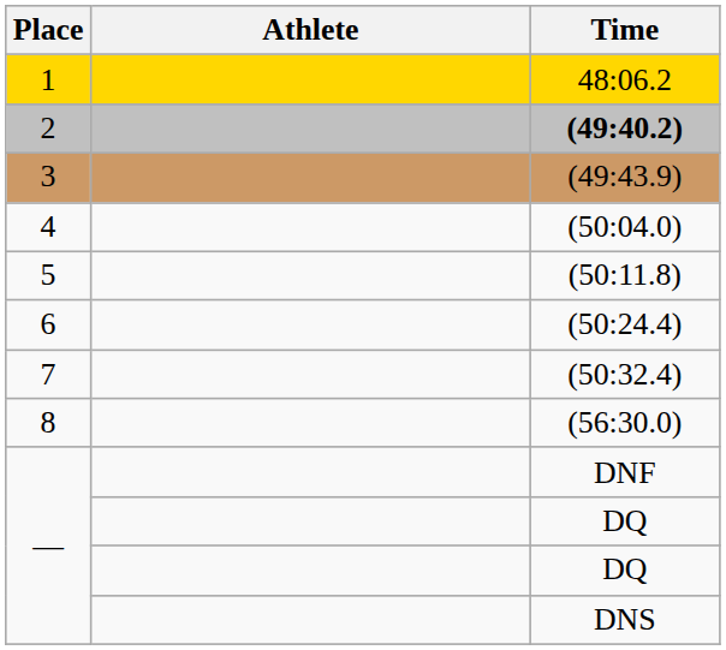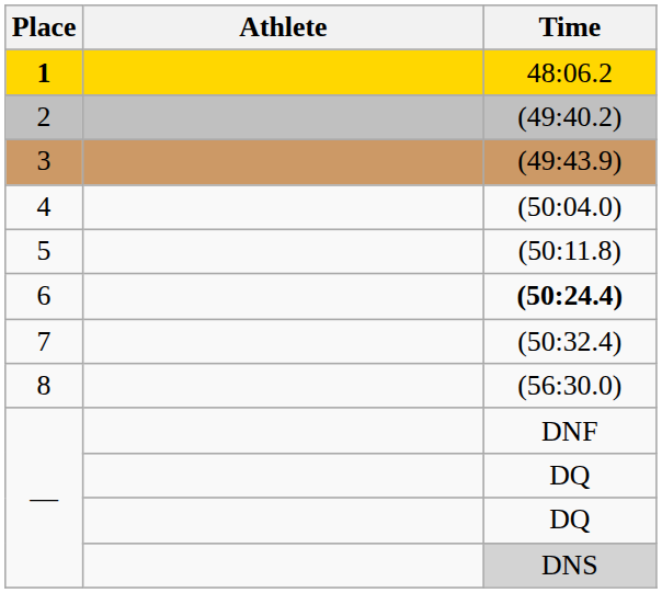 <table class=wikitable style="text-align:center">
 <tr>
 <th width=20>Place</th>
 <th width=220>Athlete</th>
 <th width=90>Time</th>
 </tr>
 <tr style="background:gold;">
-<td>1</td>
+<td><strong>1</strong></td>
 <td align=left></td>
 <td>48:06.2</td>
 </tr>
 <tr style="background:silver;">
 <td>2</td>
 <td align=left></td>
-<td><strong>(49:40.2)</strong></td>
+<td>(49:40.2)</td>
 </tr>
 <tr style="background:#c96;">
 <td>3</td>
 <td align=left></td>
 <td>(49:43.9)</td>
 </tr>
 <tr>
 <td>4</td>
 <td align=left></td>
 <td>(50:04.0)</td>
 </tr>
 <tr>
 <td>5</td>
 <td align=left></td>
 <td>(50:11.8)</td>
 </tr>
 <tr>
 <td>6</td>
 <td align=left></td>
-<td>(50:24.4)</td>
+<td><strong>(50:24.4)</strong></td>
 </tr>
 <tr>
 <td>7</td>
 <td align=left></td>
 <td>(50:32.4)</td>
 </tr>
 <tr>
 <td>8</td>
 <td align=left></td>
 <td>(56:30.0)</td>
 </tr>
 <tr>
 <td rowspan=4>—</td>
 <td align=left></td>
 <td>DNF</td>
 </tr>
 <tr>
 <td align=left></td>
 <td>DQ</td>
 </tr>
 <tr>
 <td align=left></td>
 <td>DQ</td>
 </tr>
 <tr>
 <td align=left></td>
-<td>DNS</td>
+<td style="background: lightgrey;">DNS</td>
 </tr>
 </table>
